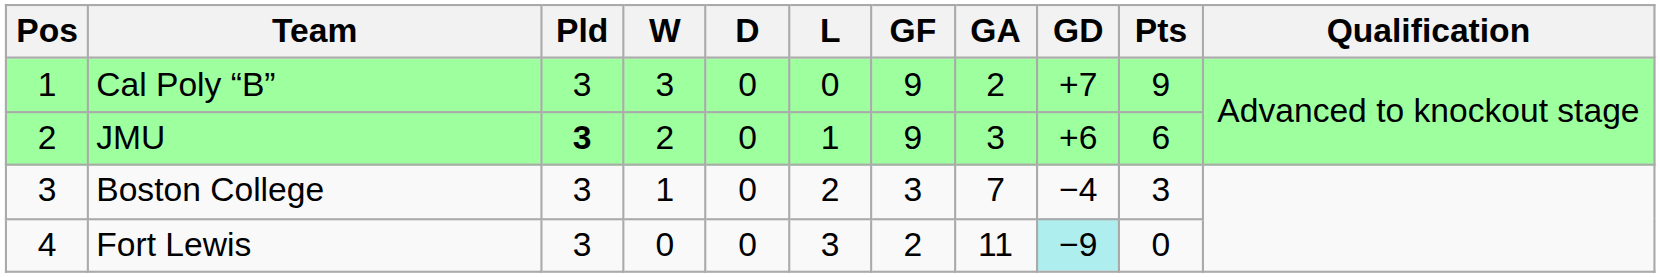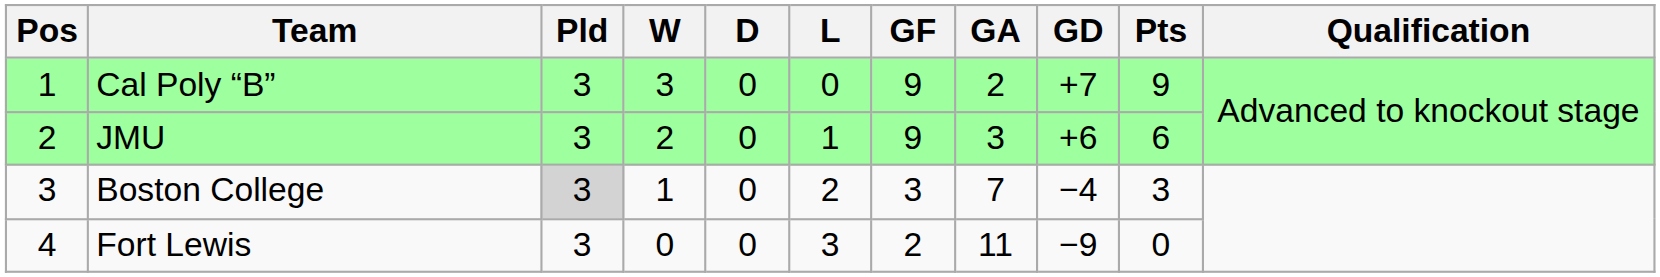 <table class="wikitable" style="text-align:center; margin: 1em auto">
 <tr>
 <th style="width:2em">Pos</th>
 <th style="width:13em">Team</th>
 <th style="width:2em">Pld</th>
 <th style="width:2em">W</th>
 <th style="width:2em">D</th>
 <th style="width:2em">L</th>
 <th style="width:2em">GF</th>
 <th style="width:2em">GA</th>
 <th style="width:2em">GD</th>
 <th style="width:2em">Pts</th>
 <th style="width:13em">Qualification</th>
 </tr>
 <tr bgcolor="#9eff9e">
 <td>1</td>
 <td style="text-align:left">Cal Poly “B”</td>
 <td>3</td>
 <td>3</td>
 <td>0</td>
 <td>0</td>
 <td>9</td>
 <td>2</td>
 <td>+7</td>
 <td>9</td>
 <td rowspan="2">Advanced to knockout stage</td>
 </tr>
 <tr bgcolor="#9eff9e">
 <td>2</td>
 <td style="text-align:left">JMU</td>
-<td><strong>3</strong></td>
+<td>3</td>
 <td>2</td>
 <td>0</td>
 <td>1</td>
 <td>9</td>
 <td>3</td>
 <td>+6</td>
 <td>6</td>
 </tr>
 <tr>
 <td>3</td>
 <td style="text-align:left">Boston College</td>
-<td>3</td>
+<td style="background: lightgrey;">3</td>
 <td>1</td>
 <td>0</td>
 <td>2</td>
 <td>3</td>
 <td>7</td>
 <td>−4</td>
 <td>3</td>
 </tr>
 <tr>
 <td>4</td>
 <td style="text-align:left">Fort Lewis</td>
 <td>3</td>
 <td>0</td>
 <td>0</td>
 <td>3</td>
 <td>2</td>
 <td>11</td>
-<td style="background: paleturquoise;">−9</td>
+<td>−9</td>
 <td>0</td>
 </tr>
 </table>
